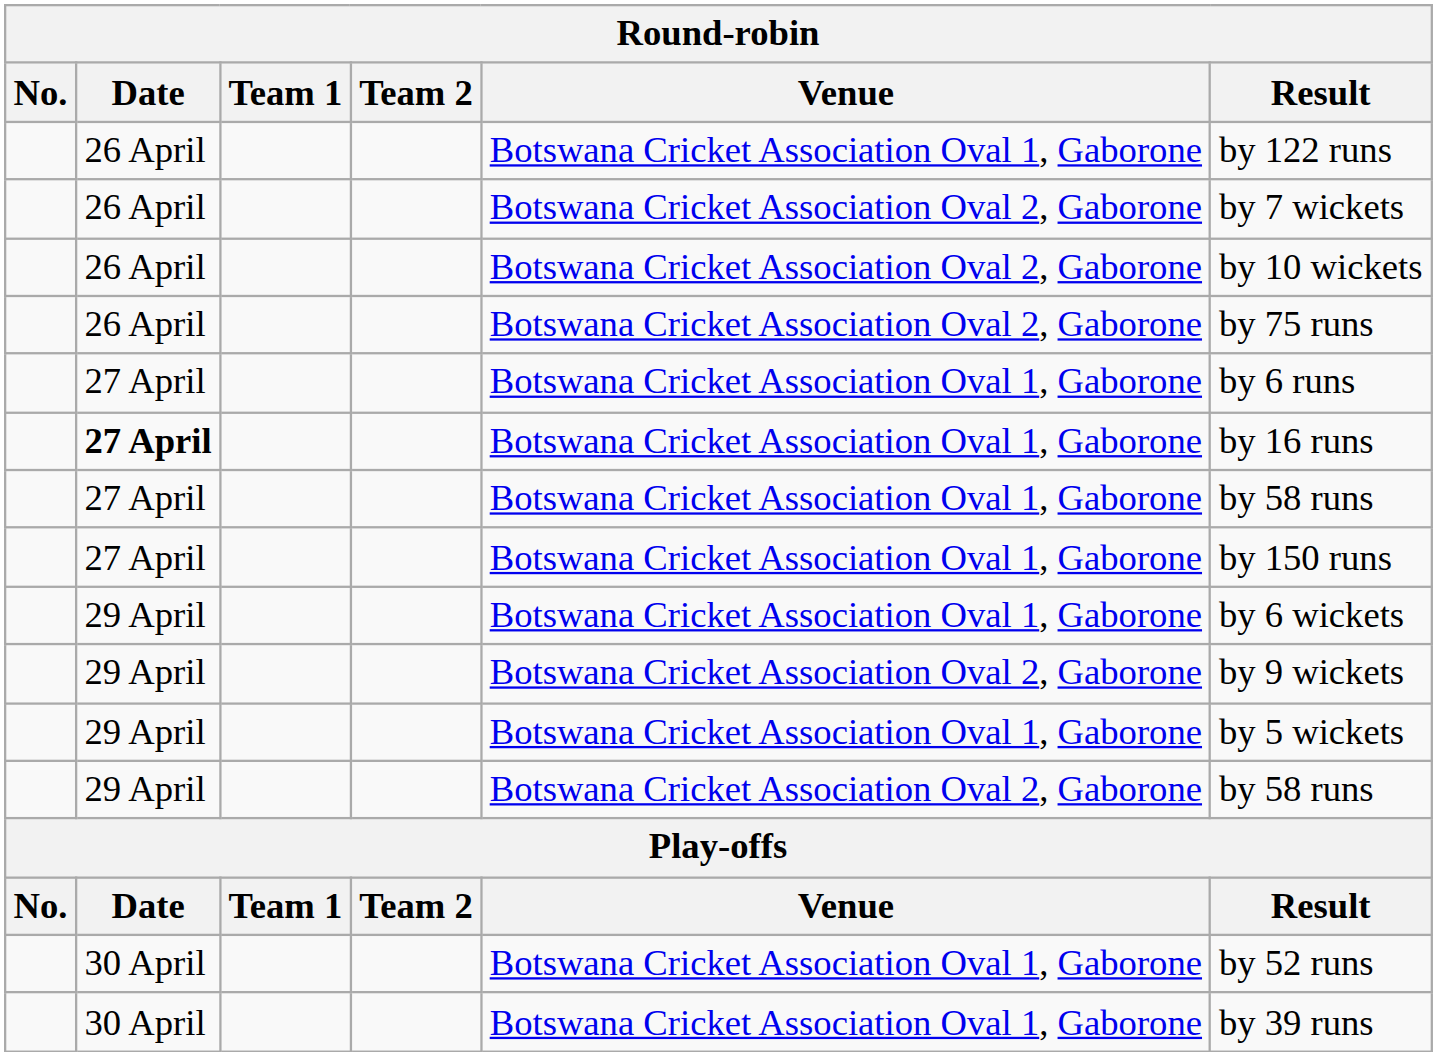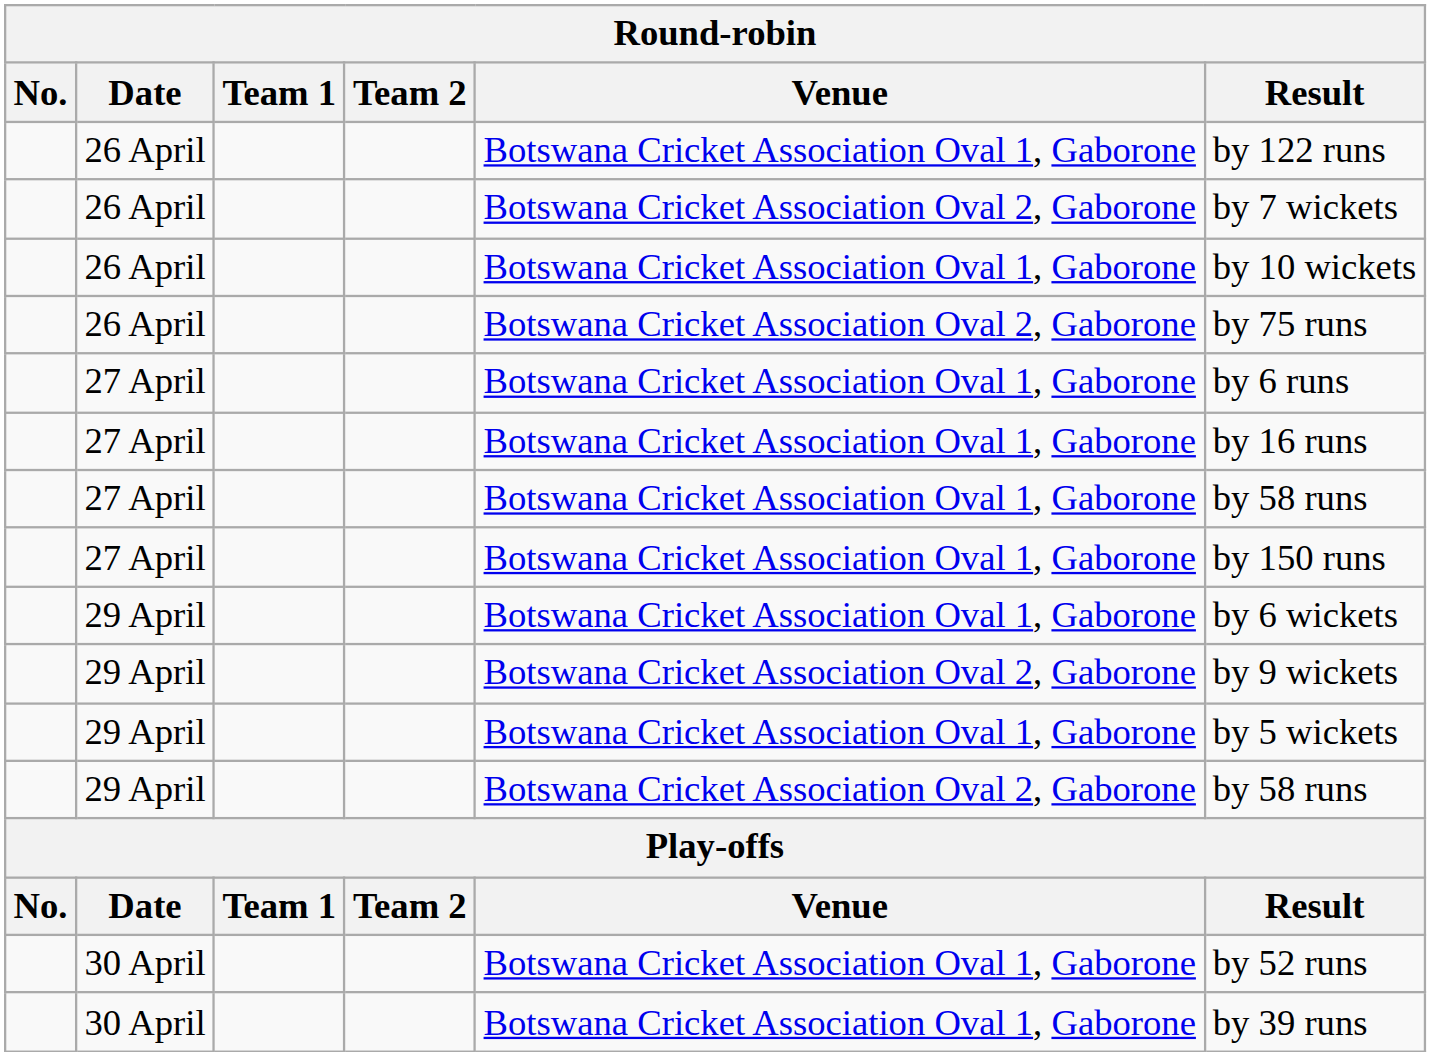 <table class="wikitable">
 <tr>
 <th colspan="6">Round-robin</th>
 </tr>
 <tr>
 <th>No.</th>
 <th>Date</th>
 <th>Team 1</th>
 <th>Team 2</th>
 <th>Venue</th>
 <th>Result</th>
 </tr>
 <tr>
 <td></td>
 <td>26 April</td>
 <td></td>
 <td></td>
 <td><a href='#'>Botswana Cricket Association Oval 1</a>, <a href='#'>Gaborone</a></td>
 <td> by 122 runs</td>
 </tr>
 <tr>
 <td></td>
 <td>26 April</td>
 <td></td>
 <td></td>
 <td><a href='#'>Botswana Cricket Association Oval 2</a>, <a href='#'>Gaborone</a></td>
 <td> by 7 wickets</td>
 </tr>
 <tr>
 <td></td>
 <td>26 April</td>
 <td></td>
 <td></td>
-<td><a href='#'>Botswana Cricket Association Oval 2</a>, <a href='#'>Gaborone</a></td>
+<td><a href='#'>Botswana Cricket Association Oval 1</a>, <a href='#'>Gaborone</a></td>
 <td> by 10 wickets</td>
 </tr>
 <tr>
 <td></td>
 <td>26 April</td>
 <td></td>
 <td></td>
 <td><a href='#'>Botswana Cricket Association Oval 2</a>, <a href='#'>Gaborone</a></td>
 <td> by 75 runs</td>
 </tr>
 <tr>
 <td></td>
 <td>27 April</td>
 <td></td>
 <td></td>
 <td><a href='#'>Botswana Cricket Association Oval 1</a>, <a href='#'>Gaborone</a></td>
 <td> by 6 runs</td>
 </tr>
 <tr>
 <td></td>
-<td><strong>27 April</strong></td>
+<td>27 April</td>
 <td></td>
 <td></td>
 <td><a href='#'>Botswana Cricket Association Oval 1</a>, <a href='#'>Gaborone</a></td>
 <td> by 16 runs</td>
 </tr>
 <tr>
 <td></td>
 <td>27 April</td>
 <td></td>
 <td></td>
 <td><a href='#'>Botswana Cricket Association Oval 1</a>, <a href='#'>Gaborone</a></td>
 <td> by 58 runs</td>
 </tr>
 <tr>
 <td></td>
 <td>27 April</td>
 <td></td>
 <td></td>
 <td><a href='#'>Botswana Cricket Association Oval 1</a>, <a href='#'>Gaborone</a></td>
 <td> by 150 runs</td>
 </tr>
 <tr>
 <td></td>
 <td>29 April</td>
 <td></td>
 <td></td>
 <td><a href='#'>Botswana Cricket Association Oval 1</a>, <a href='#'>Gaborone</a></td>
 <td> by 6 wickets</td>
 </tr>
 <tr>
 <td></td>
 <td>29 April</td>
 <td></td>
 <td></td>
 <td><a href='#'>Botswana Cricket Association Oval 2</a>, <a href='#'>Gaborone</a></td>
 <td> by 9 wickets</td>
 </tr>
 <tr>
 <td></td>
 <td>29 April</td>
 <td></td>
 <td></td>
 <td><a href='#'>Botswana Cricket Association Oval 1</a>, <a href='#'>Gaborone</a></td>
 <td> by 5 wickets</td>
 </tr>
 <tr>
 <td></td>
 <td>29 April</td>
 <td></td>
 <td></td>
 <td><a href='#'>Botswana Cricket Association Oval 2</a>, <a href='#'>Gaborone</a></td>
 <td> by 58 runs</td>
 </tr>
 <tr>
 <th colspan="6">Play-offs</th>
 </tr>
 <tr>
 <th>No.</th>
 <th>Date</th>
 <th>Team 1</th>
 <th>Team 2</th>
 <th>Venue</th>
 <th>Result</th>
 </tr>
 <tr>
 <td></td>
 <td>30 April</td>
 <td></td>
 <td></td>
 <td><a href='#'>Botswana Cricket Association Oval 1</a>, <a href='#'>Gaborone</a></td>
 <td> by 52 runs</td>
 </tr>
 <tr>
 <td></td>
 <td>30 April</td>
 <td></td>
 <td></td>
 <td><a href='#'>Botswana Cricket Association Oval 1</a>, <a href='#'>Gaborone</a></td>
 <td> by 39 runs</td>
 </tr>
 </table>
